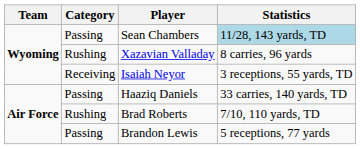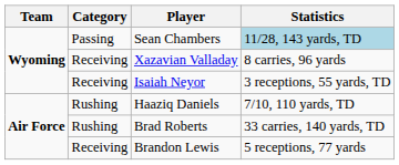 <table class="wikitable" style="float: left;">
 <tr>
 <th>Team</th>
 <th>Category</th>
 <th>Player</th>
 <th>Statistics</th>
 </tr>
 <tr>
 <td rowspan=3><strong>Wyoming</strong></td>
 <td>Passing</td>
 <td>Sean Chambers</td>
 <td style="background: lightblue;">11/28, 143 yards, TD</td>
 </tr>
 <tr>
-<td>Rushing</td>
+<td>Receiving</td>
 <td><a href='#'>Xazavian Valladay</a></td>
 <td>8 carries, 96 yards</td>
 </tr>
 <tr>
 <td>Receiving</td>
 <td><a href='#'>Isaiah Neyor</a></td>
 <td>3 receptions, 55 yards, TD</td>
 </tr>
 <tr>
 <td rowspan=3><strong>Air Force</strong></td>
-<td>Passing</td>
+<td>Rushing</td>
 <td>Haaziq Daniels</td>
-<td>33 carries, 140 yards, TD</td>
+<td>7/10, 110 yards, TD</td>
 </tr>
 <tr>
 <td>Rushing</td>
 <td>Brad Roberts</td>
-<td>7/10, 110 yards, TD</td>
+<td>33 carries, 140 yards, TD</td>
 </tr>
 <tr>
-<td>Passing</td>
+<td>Receiving</td>
 <td>Brandon Lewis</td>
 <td>5 receptions, 77 yards</td>
 </tr>
 </table>
